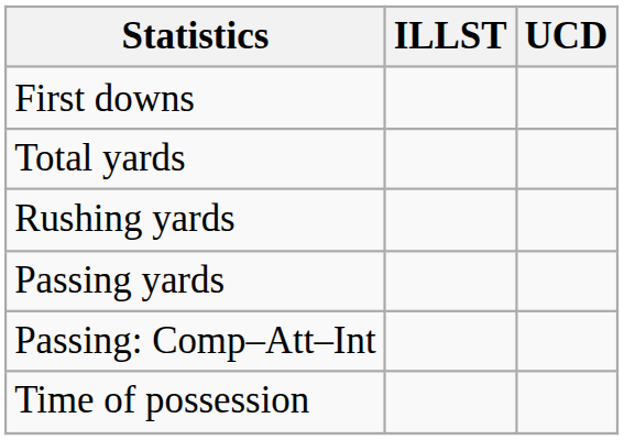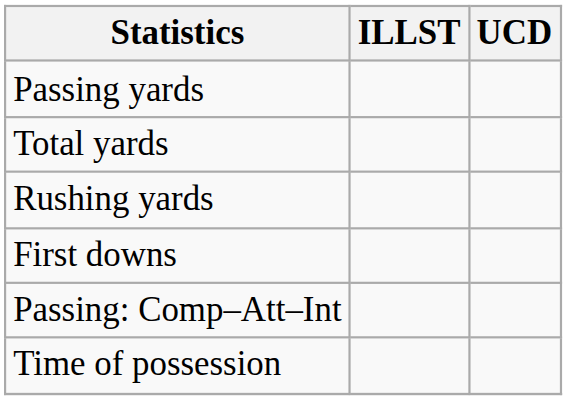 <table class="wikitable" style="float: left;">
 <tr>
 <th>Statistics</th>
 <th>ILLST</th>
 <th>UCD</th>
 </tr>
 <tr>
-<td>First downs</td>
+<td>Passing yards</td>
 <td></td>
 <td></td>
 </tr>
 <tr>
 <td>Total yards</td>
 <td></td>
 <td></td>
 </tr>
 <tr>
 <td>Rushing yards</td>
 <td></td>
 <td></td>
 </tr>
 <tr>
-<td>Passing yards</td>
+<td>First downs</td>
 <td></td>
 <td></td>
 </tr>
 <tr>
 <td>Passing: Comp–Att–Int</td>
 <td></td>
 <td></td>
 </tr>
 <tr>
 <td>Time of possession</td>
 <td></td>
 <td></td>
 </tr>
 <tr>
 </tr>
 </table>
